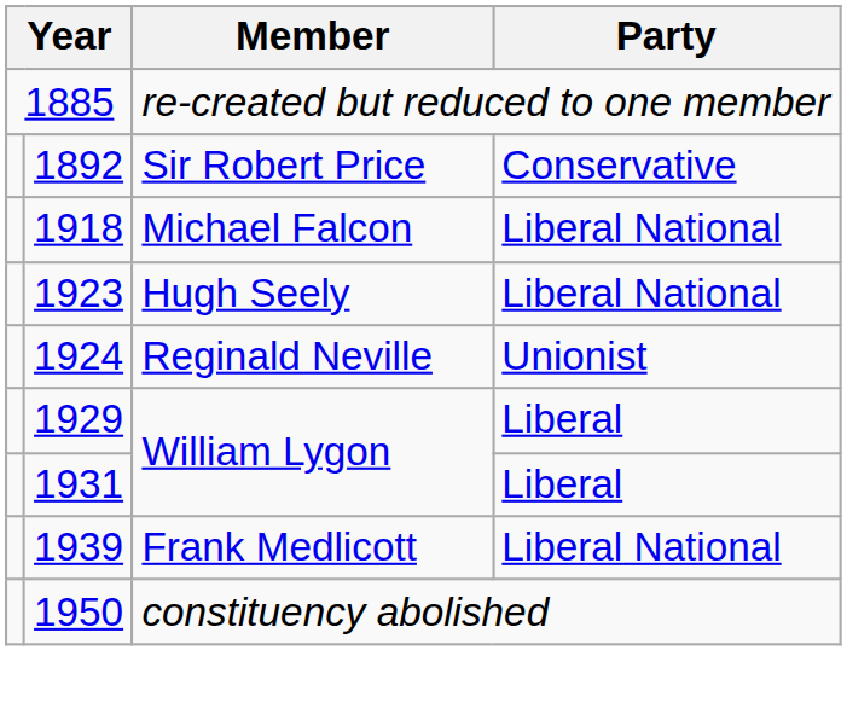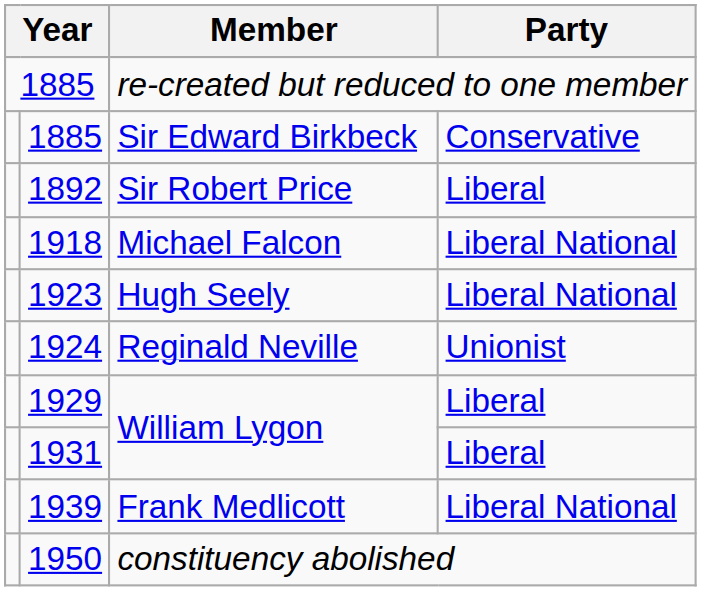 <table class="wikitable">
 <tr>
 <th colspan="2">Year</th>
 <th>Member</th>
 <th>Party</th>
 </tr>
 <tr>
 <td colspan="2" align="center"><a href='#'>1885</a></td>
 <td colspan="2"><em>re-created but reduced to one member</em></td>
 </tr>
 <tr>
 <td style="color:inherit;background-color: "></td>
+<td><a href='#'>1885</a></td>
+<td><a href='#'>Sir Edward Birkbeck</a></td>
+<td><a href='#'>Conservative</a></td>
+</tr>
+<tr>
+<td style="color:inherit;background-color: "></td>
 <td><a href='#'>1892</a></td>
 <td><a href='#'>Sir Robert Price</a></td>
-<td><a href='#'>Conservative</a></td>
+<td><a href='#'>Liberal</a></td>
 </tr>
 <tr>
 <td style="color:inherit;background-color: "></td>
 <td><a href='#'>1918</a></td>
 <td><a href='#'>Michael Falcon</a></td>
 <td><a href='#'>Liberal National</a></td>
 </tr>
 <tr>
 <td style="color:inherit;background-color: "></td>
 <td><a href='#'>1923</a></td>
 <td><a href='#'>Hugh Seely</a></td>
 <td><a href='#'>Liberal National</a></td>
 </tr>
 <tr>
 <td style="color:inherit;background-color: "></td>
 <td><a href='#'>1924</a></td>
 <td><a href='#'>Reginald Neville</a></td>
 <td><a href='#'>Unionist</a></td>
 </tr>
 <tr>
 <td style="color:inherit;background-color: "></td>
 <td><a href='#'>1929</a></td>
 <td rowspan="2"><a href='#'>William Lygon</a></td>
 <td><a href='#'>Liberal</a></td>
 </tr>
 <tr>
 <td style="color:inherit;background-color: "></td>
 <td><a href='#'>1931</a></td>
 <td><a href='#'>Liberal</a></td>
 </tr>
 <tr>
 <td style="color:inherit;background-color: "></td>
 <td><a href='#'>1939</a></td>
 <td><a href='#'>Frank Medlicott</a></td>
 <td><a href='#'>Liberal National</a></td>
 </tr>
 <tr>
 <td></td>
 <td><a href='#'>1950</a></td>
 <td colspan="2"><em>constituency abolished</em></td>
 </tr>
 </table>
